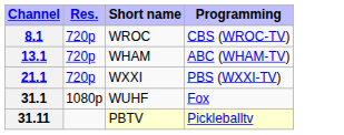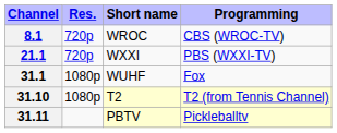 <table class="wikitable">
 <tr>
 <th style="background-color: #bdbdff" scope = "col"><a href='#'>Channel</a></th>
 <th style="background-color: #bdbdff" scope = "col"><a href='#'>Res.</a></th>
 <th style="background-color: #bdbdff" scope = "col">Short name</th>
 <th style="background-color: #bdbdff" scope = "col">Programming</th>
 </tr>
 <tr>
 <th scope = "row"><a href='#'>8.1</a></th>
 <td><a href='#'>720p</a></td>
 <td>WROC</td>
 <td><a href='#'>CBS</a> (<a href='#'>WROC-TV</a>)</td>
 </tr>
 <tr>
-<th scope = "row"><a href='#'>13.1</a></th>
-<td><a href='#'>720p</a></td>
-<td>WHAM</td>
-<td><a href='#'>ABC</a> (<a href='#'>WHAM-TV</a>)</td>
-</tr>
-<tr>
 <th scope = "row"><a href='#'>21.1</a></th>
 <td><a href='#'>720p</a></td>
 <td>WXXI</td>
 <td><a href='#'>PBS</a> (<a href='#'>WXXI-TV</a>)</td>
 </tr>
 <tr>
 <th scope = "row">31.1</th>
 <td>1080p</td>
 <td>WUHF</td>
 <td><a href='#'>Fox</a></td>
 </tr>
 <tr>
+<th scope = "row">31.10</th>
+<td>1080p</td>
+<td style="background-color:#ffffd0">T2</td>
+<td style="background-color:#ffffd0"><a href='#'>T2 (from Tennis Channel)</a></td>
+</tr>
+<tr>
 <th scope = "row">31.11</th>
 <td></td>
 <td style="background-color:#ffffd0">PBTV</td>
 <td style="background-color:#ffffd0"><a href='#'>Pickleballtv</a></td>
 </tr>
 </table>
